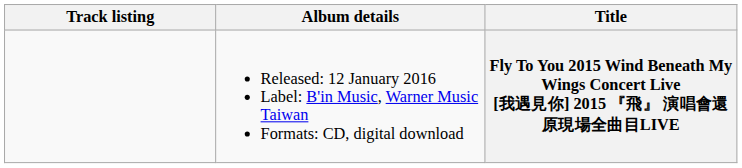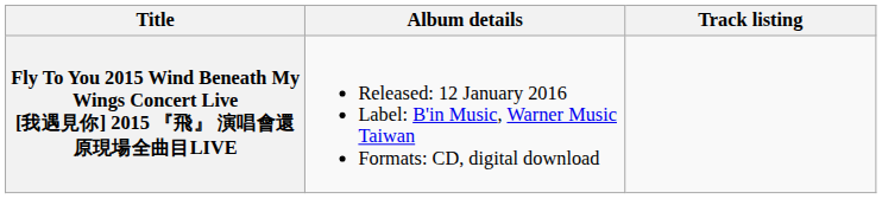 <table class="wikitable plainrowheaders" style="text-align:center;">
 <tr>
+<th style="width:15em;">Title</th>
+<th style="width:16em;">Album details</th>
 <th style="width:200px;">Track listing</th>
-<th style="width:16em;">Album details</th>
-<th style="width:15em;">Title</th>
 </tr>
 <tr>
+<th scope="row">Fly To You 2015 Wind Beneath My Wings Concert Live<br>[我遇見你] 2015 『飛』 演唱會還原現場全曲目LIVE</th>
+<td align="left"><br><ul><li>Released: 12 January 2016</li><li>Label: <a href='#'>B'in Music</a>, <a href='#'>Warner Music Taiwan</a></li><li>Formats: CD, digital download</li></ul></td>
 <td align="center"></td>
-<td align="left"><br><ul><li>Released: 12 January 2016</li><li>Label: <a href='#'>B'in Music</a>, <a href='#'>Warner Music Taiwan</a></li><li>Formats: CD, digital download</li></ul></td>
-<th scope="row">Fly To You 2015 Wind Beneath My Wings Concert Live<br>[我遇見你] 2015 『飛』 演唱會還原現場全曲目LIVE</th>
 </tr>
 </table>
